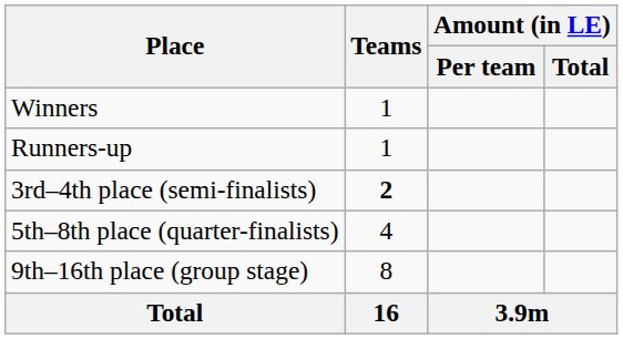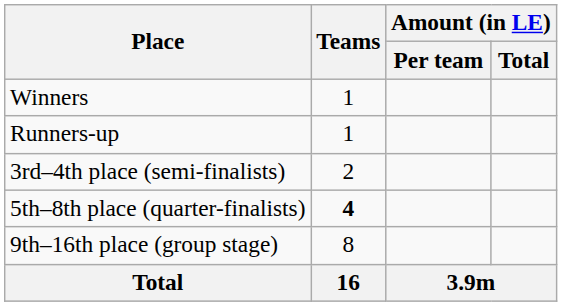 <table class="wikitable sortable" style="text-align:center;">
 <tr>
 <th rowspan=2>Place</th>
 <th rowspan=2>Teams</th>
 <th colspan=2>Amount (in <a href='#'>LE</a>)</th>
 </tr>
 <tr>
 <th>Per team</th>
 <th>Total</th>
 </tr>
 <tr>
 <td style="text-align:left;">Winners</td>
 <td>1</td>
 <td></td>
 <td></td>
 </tr>
 <tr>
 <td style="text-align:left;">Runners-up</td>
 <td>1</td>
 <td></td>
 <td></td>
 </tr>
 <tr>
 <td style="text-align:left;">3rd–4th place (semi-finalists)</td>
-<td><strong>2</strong></td>
+<td>2</td>
 <td></td>
 <td></td>
 </tr>
 <tr>
 <td style="text-align:left;">5th–8th place (quarter-finalists)</td>
-<td>4</td>
+<td><strong>4</strong></td>
 <td></td>
 <td></td>
 </tr>
 <tr>
 <td style="text-align:left;">9th–16th place (group stage)</td>
 <td>8</td>
 <td></td>
 <td></td>
 </tr>
 <tr>
 <th>Total</th>
 <th>16</th>
 <th colspan=2>3.9m</th>
 </tr>
 </table>
